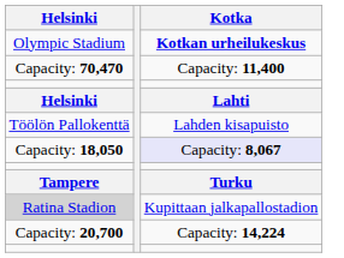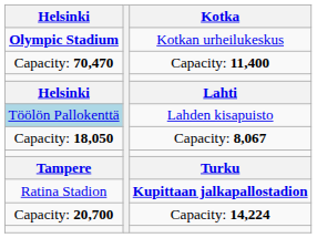 <table class="wikitable" style="text-align:center;">
 <tr>
 <th><a href='#'>Helsinki</a></th>
 <th rowspan=12 colspan=2></th>
 <th><a href='#'>Kotka</a></th>
 </tr>
 <tr>
-<td><a href='#'>Olympic Stadium</a></td>
-<td><strong><a href='#'>Kotkan urheilukeskus</a></strong></td>
+<td><strong><a href='#'>Olympic Stadium</a></strong></td>
+<td><a href='#'>Kotkan urheilukeskus</a></td>
 </tr>
 <tr>
 <td>Capacity: <strong>70,470</strong></td>
 <td>Capacity: <strong>11,400</strong></td>
 </tr>
 <tr>
 <td></td>
 <td></td>
 </tr>
 <tr>
 <th><a href='#'>Helsinki</a></th>
 <th><a href='#'>Lahti</a></th>
 </tr>
 <tr>
-<td><a href='#'>Töölön Pallokenttä</a></td>
+<td style="background: lightblue;"><a href='#'>Töölön Pallokenttä</a></td>
 <td><a href='#'>Lahden kisapuisto</a></td>
 </tr>
 <tr>
 <td>Capacity: <strong>18,050</strong></td>
-<td style="background: lavender;">Capacity: <strong>8,067</strong></td>
+<td>Capacity: <strong>8,067</strong></td>
 </tr>
 <tr>
 <td></td>
 <td></td>
 </tr>
 <tr>
 <th><a href='#'>Tampere</a></th>
 <th><a href='#'>Turku</a></th>
 </tr>
 <tr>
-<td style="background: lightgrey;"><a href='#'>Ratina Stadion</a></td>
-<td><a href='#'>Kupittaan jalkapallostadion</a></td>
+<td><a href='#'>Ratina Stadion</a></td>
+<td><strong><a href='#'>Kupittaan jalkapallostadion</a></strong></td>
 </tr>
 <tr>
 <td>Capacity: <strong>20,700</strong></td>
 <td>Capacity: <strong>14,224</strong></td>
 </tr>
 <tr>
 <td></td>
 <td></td>
 </tr>
 </table>
